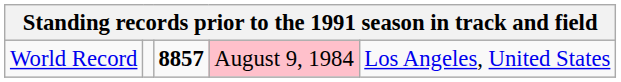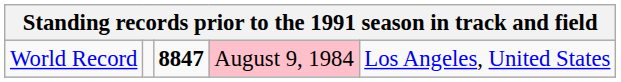 <table class="wikitable" style=" text-align:center;">
 <tr>
 <th colspan="5">Standing records prior to the 1991 season in track and field</th>
 </tr>
 <tr>
 <td><a href='#'>World Record</a></td>
 <td></td>
-<td><strong>8857</strong> </td>
+<td><strong>8847</strong> </td>
 <td style="background: pink;">August 9, 1984</td>
 <td> <a href='#'>Los Angeles</a>, <a href='#'>United States</a></td>
 </tr>
 </table>
